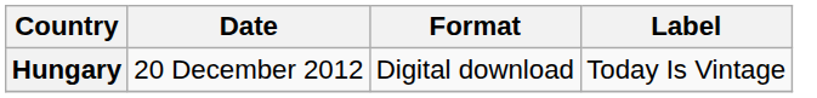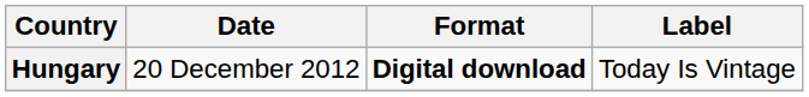 <table class="wikitable plainrowheaders">
 <tr>
 <th scope="col">Country</th>
 <th scope="col">Date</th>
 <th scope="col">Format</th>
 <th scope="col">Label</th>
 </tr>
 <tr>
 <th scope="row">Hungary</th>
 <td>20 December 2012</td>
-<td>Digital download</td>
+<td><strong>Digital download</strong></td>
 <td>Today Is Vintage</td>
 </tr>
 <tr>
 </tr>
 </table>
